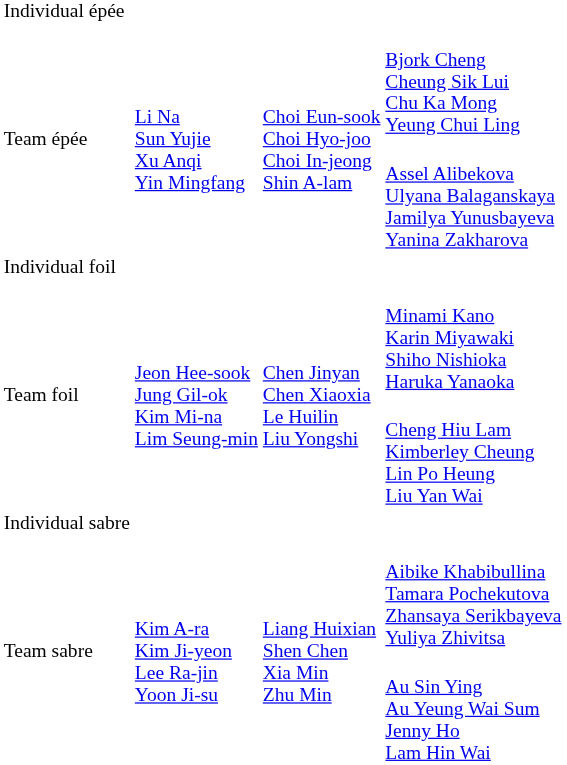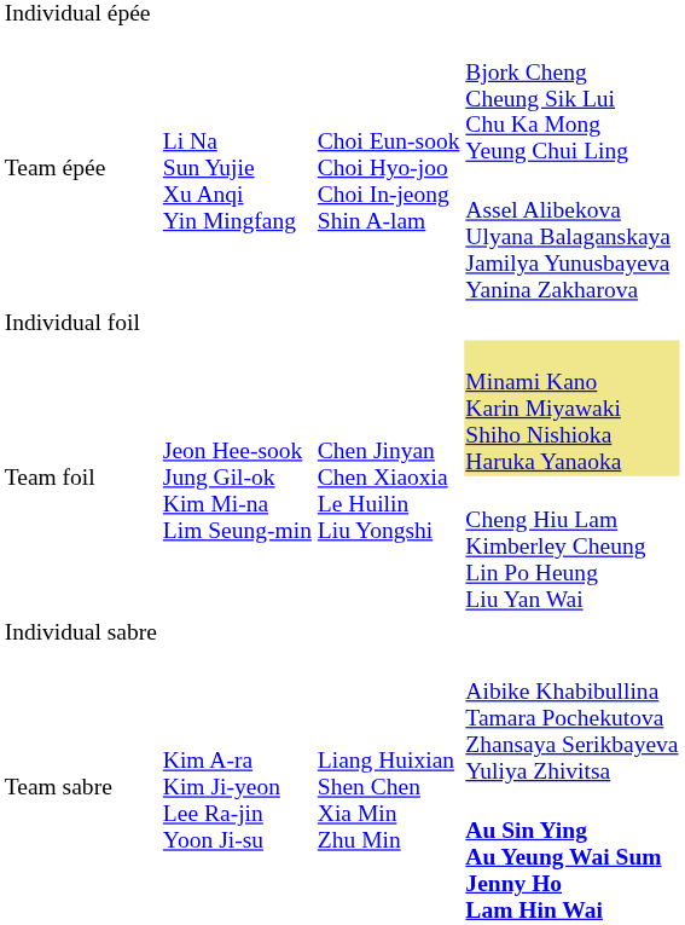 <table>
 <tr>
 <td rowspan=2>Individual épée</td>
 <td rowspan=2></td>
 <td rowspan=2></td>
 <td></td>
 </tr>
 <tr>
 <td></td>
 </tr>
 <tr>
 <td rowspan=2>Team épée</td>
 <td rowspan=2><br><a href='#'>Li Na</a><br><a href='#'>Sun Yujie</a><br><a href='#'>Xu Anqi</a><br><a href='#'>Yin Mingfang</a></td>
 <td rowspan=2><br><a href='#'>Choi Eun-sook</a><br><a href='#'>Choi Hyo-joo</a><br><a href='#'>Choi In-jeong</a><br><a href='#'>Shin A-lam</a></td>
 <td><br><a href='#'>Bjork Cheng</a><br><a href='#'>Cheung Sik Lui</a><br><a href='#'>Chu Ka Mong</a><br><a href='#'>Yeung Chui Ling</a></td>
 </tr>
 <tr>
 <td><br><a href='#'>Assel Alibekova</a><br><a href='#'>Ulyana Balaganskaya</a><br><a href='#'>Jamilya Yunusbayeva</a><br><a href='#'>Yanina Zakharova</a></td>
 </tr>
 <tr>
 <td rowspan=2>Individual foil</td>
 <td rowspan=2></td>
 <td rowspan=2></td>
 <td></td>
 </tr>
 <tr>
 <td></td>
 </tr>
 <tr>
 <td rowspan=2>Team foil</td>
 <td rowspan=2><br><a href='#'>Jeon Hee-sook</a><br><a href='#'>Jung Gil-ok</a><br><a href='#'>Kim Mi-na</a><br><a href='#'>Lim Seung-min</a></td>
 <td rowspan=2><br><a href='#'>Chen Jinyan</a><br><a href='#'>Chen Xiaoxia</a><br><a href='#'>Le Huilin</a><br><a href='#'>Liu Yongshi</a></td>
-<td><br><a href='#'>Minami Kano</a><br><a href='#'>Karin Miyawaki</a><br><a href='#'>Shiho Nishioka</a><br><a href='#'>Haruka Yanaoka</a></td>
+<td style="background: khaki;"><br><a href='#'>Minami Kano</a><br><a href='#'>Karin Miyawaki</a><br><a href='#'>Shiho Nishioka</a><br><a href='#'>Haruka Yanaoka</a></td>
 </tr>
 <tr>
 <td><br><a href='#'>Cheng Hiu Lam</a><br><a href='#'>Kimberley Cheung</a><br><a href='#'>Lin Po Heung</a><br><a href='#'>Liu Yan Wai</a></td>
 </tr>
 <tr>
 <td rowspan=2>Individual sabre</td>
 <td rowspan=2></td>
 <td rowspan=2></td>
 <td></td>
 </tr>
 <tr>
 <td></td>
 </tr>
 <tr>
 <td rowspan=2>Team sabre</td>
 <td rowspan=2><br><a href='#'>Kim A-ra</a><br><a href='#'>Kim Ji-yeon</a><br><a href='#'>Lee Ra-jin</a><br><a href='#'>Yoon Ji-su</a></td>
 <td rowspan=2><br><a href='#'>Liang Huixian</a><br><a href='#'>Shen Chen</a><br><a href='#'>Xia Min</a><br><a href='#'>Zhu Min</a></td>
 <td><br><a href='#'>Aibike Khabibullina</a><br><a href='#'>Tamara Pochekutova</a><br><a href='#'>Zhansaya Serikbayeva</a><br><a href='#'>Yuliya Zhivitsa</a></td>
 </tr>
 <tr>
-<td><br><a href='#'>Au Sin Ying</a><br><a href='#'>Au Yeung Wai Sum</a><br><a href='#'>Jenny Ho</a><br><a href='#'>Lam Hin Wai</a></td>
+<td><strong><br><a href='#'>Au Sin Ying</a><br><a href='#'>Au Yeung Wai Sum</a><br><a href='#'>Jenny Ho</a><br><a href='#'>Lam Hin Wai</a></strong></td>
 </tr>
 </table>
